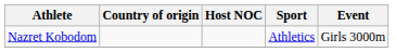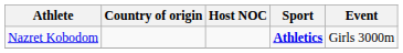 <table class='sortable wikitable' style=font-size:95%>
 <tr>
 <th>Athlete</th>
 <th>Country of origin</th>
 <th>Host NOC</th>
 <th>Sport</th>
 <th>Event</th>
 </tr>
 <tr>
 <td><a href='#'>Nazret Kobodom</a></td>
 <td></td>
 <td></td>
-<td><a href='#'>Athletics</a></td>
+<td><strong><a href='#'>Athletics</a></strong></td>
 <td>Girls 3000m</td>
 </tr>
 <tr>
 </tr>
 </table>
